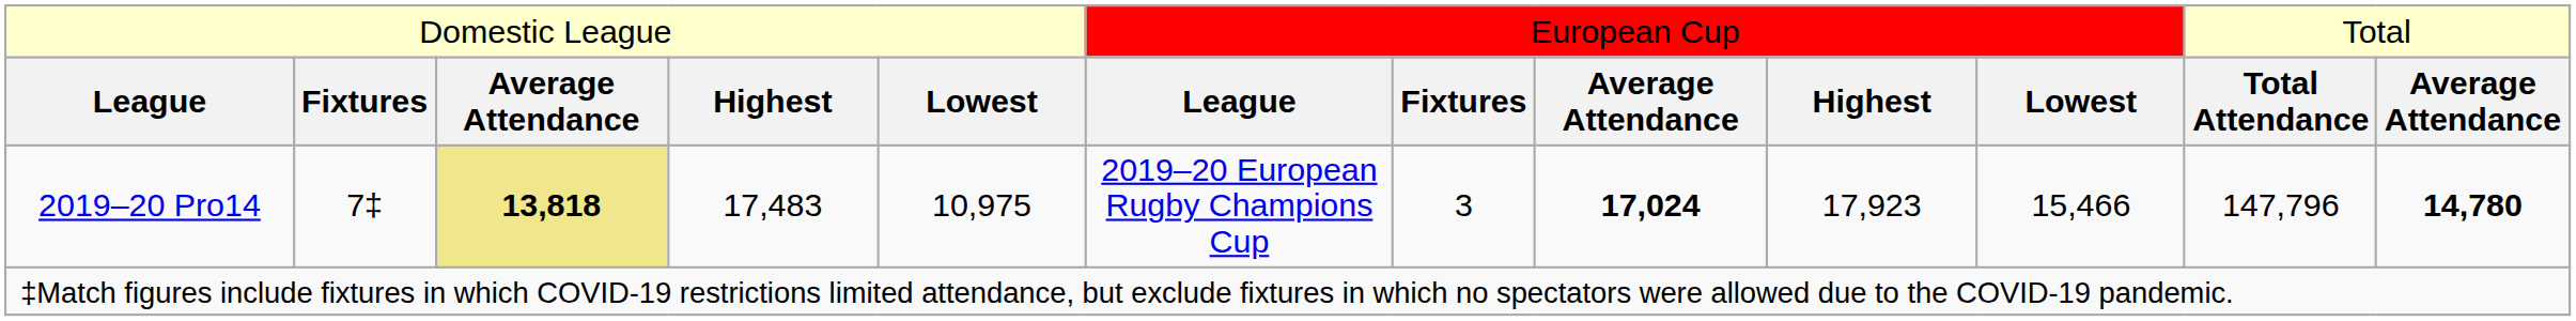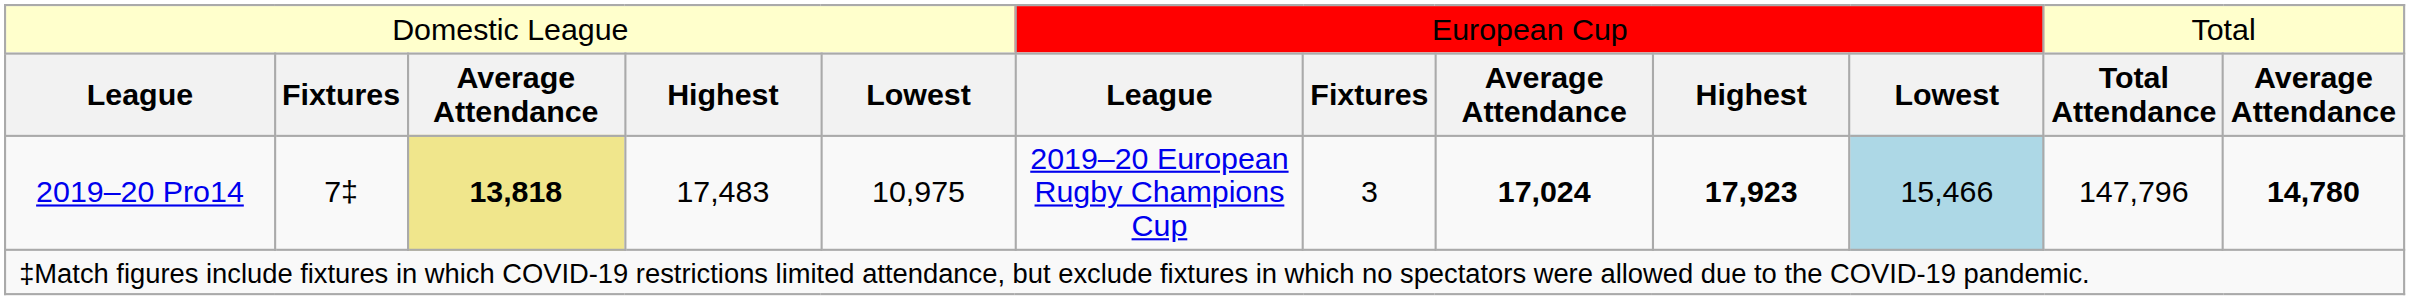 <table class="wikitable sortable" style="font-size:90%; width:90%;">
 <tr>
 <td colspan="5" class="wikitable sortable" style="width:45%; background:#ffffcc; text-align:center;"><span>Domestic League</span></td>
 <td colspan="5" class="wikitable sortable" style="width:45%; background:#f00; text-align:center;"><span>European Cup</span></td>
 <td colspan="2" class="wikitable sortable" style="width:45%; background:#ffffcc; text-align:center;"><span>Total</span></td>
 </tr>
 <tr>
 <th style="width:15%;">League</th>
 <th style="width:5%;">Fixtures</th>
 <th style="width:10%;">Average Attendance</th>
 <th style="width:10%;">Highest</th>
 <th style="width:10%;">Lowest</th>
 <th style="width:15%;">League</th>
 <th style="width:5%;">Fixtures</th>
 <th style="width:10%;">Average Attendance</th>
 <th style="width:10%;">Highest</th>
 <th style="width:10%;">Lowest</th>
 <th style="width:10%;">Total Attendance</th>
 <th style="width:10%;">Average Attendance</th>
 </tr>
 <tr>
 <td align=center><a href='#'>2019–20 Pro14</a></td>
 <td align=center>7‡</td>
 <td align=center style="background: khaki;"><strong>13,818</strong></td>
 <td align=center>17,483</td>
 <td align=center>10,975</td>
 <td align=center><a href='#'>2019–20 European Rugby Champions Cup</a></td>
 <td align=center>3</td>
 <td align=center><strong>17,024</strong></td>
-<td align=center>17,923</td>
-<td align=center>15,466</td>
+<td align=center><strong>17,923</strong></td>
+<td align=center style="background: lightblue;">15,466</td>
 <td align=center>147,796</td>
 <td align=center><strong>14,780</strong></td>
 </tr>
 <tr>
 <td colspan="12" style="text-align: left;font-size:90%"> ‡Match figures include fixtures in which COVID-19 restrictions limited attendance, but exclude fixtures in which no spectators were allowed due to the COVID-19 pandemic.</td>
 </tr>
 </table>
